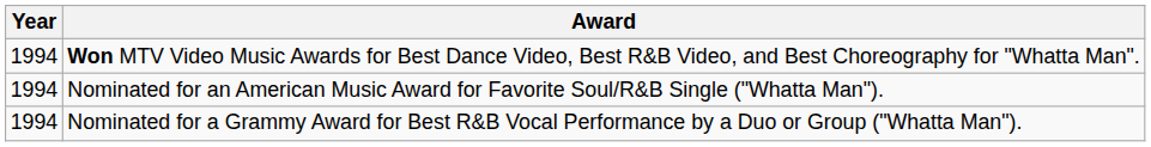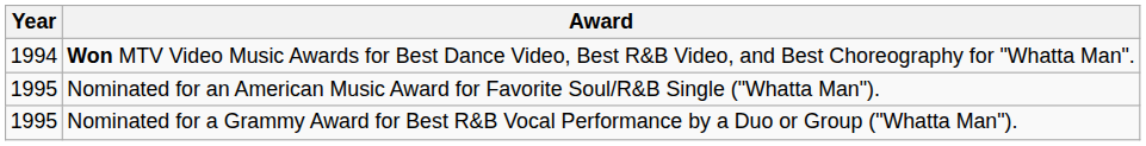 <table class="wikitable">
 <tr>
 <th>Year</th>
 <th>Award</th>
 </tr>
 <tr>
 <td>1994</td>
 <td><strong>Won</strong> MTV Video Music Awards for Best Dance Video, Best R&B Video, and Best Choreography for "Whatta Man".</td>
 </tr>
 <tr>
-<td>1994</td>
+<td>1995</td>
 <td>Nominated for an American Music Award for Favorite Soul/R&B Single ("Whatta Man").</td>
 </tr>
 <tr>
-<td>1994</td>
+<td>1995</td>
 <td>Nominated for a Grammy Award for Best R&B Vocal Performance by a Duo or Group ("Whatta Man").</td>
 </tr>
 </table>
